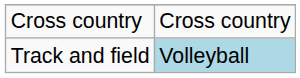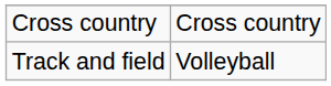 <table class="wikitable" style="float:right; clear:right; margin:0 0 1em 1em;">
 <tr>
 </tr>
 <tr>
 <td>Cross country</td>
 <td>Cross country</td>
 </tr>
 <tr>
 <td>Track and field</td>
-<td style="background: lightblue;">Volleyball</td>
+<td>Volleyball</td>
 </tr>
 </table>
